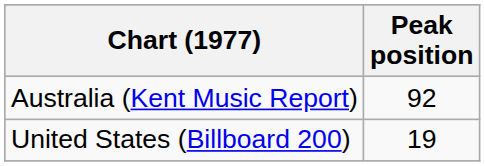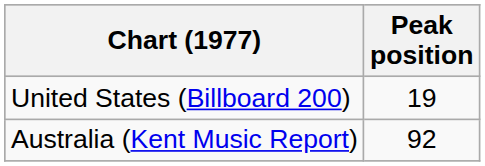 <table class="wikitable">
 <tr>
 <th scope="col">Chart (1977)</th>
 <th>Peak<br>position</th>
 </tr>
 <tr>
+<td>United States (<a href='#'>Billboard 200</a>)</td>
+<td style="text-align:center;">19</td>
+</tr>
+<tr>
 <td>Australia (<a href='#'>Kent Music Report</a>)</td>
 <td style="text-align:center;">92</td>
 </tr>
-<tr>
-<td>United States (<a href='#'>Billboard 200</a>)</td>
-<td style="text-align:center;">19</td>
-</tr>
 </table>
